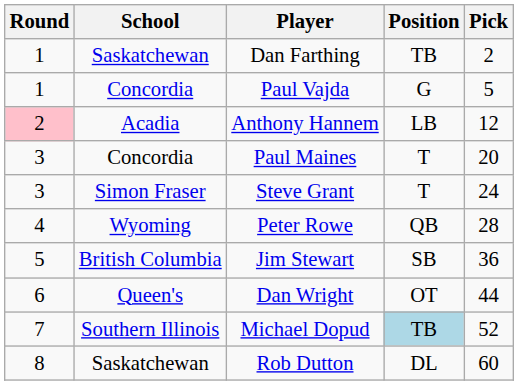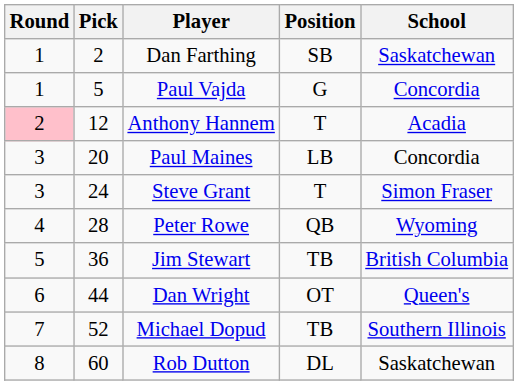 <table class="wikitable" style="font-size: 95%;">
 <tr>
 <th scope="col">Round</th>
-<th scope="col">School</th>
+<th scope="col">Pick</th>
 <th scope="col">Player</th>
 <th scope="col">Position</th>
-<th scope="col">Pick</th>
+<th scope="col">School</th>
 </tr>
 <tr align="center">
 <td>1</td>
+<td>2</td>
+<td>Dan Farthing</td>
+<td>SB</td>
 <td><a href='#'>Saskatchewan</a></td>
-<td>Dan Farthing</td>
-<td>TB</td>
-<td>2</td>
 </tr>
 <tr align="center">
 <td>1</td>
-<td><a href='#'>Concordia</a></td>
+<td>5</td>
 <td><a href='#'>Paul Vajda</a></td>
 <td>G</td>
-<td>5</td>
+<td><a href='#'>Concordia</a></td>
 </tr>
 <tr align="center">
 <td style="background: pink;">2</td>
+<td>12</td>
+<td><a href='#'>Anthony Hannem</a></td>
+<td>T</td>
 <td><a href='#'>Acadia</a></td>
-<td><a href='#'>Anthony Hannem</a></td>
-<td>LB</td>
-<td>12</td>
 </tr>
 <tr align="center">
 <td>3</td>
+<td>20</td>
+<td><a href='#'>Paul Maines</a></td>
+<td>LB</td>
 <td>Concordia</td>
-<td><a href='#'>Paul Maines</a></td>
-<td>T</td>
-<td>20</td>
 </tr>
 <tr align="center">
 <td>3</td>
-<td><a href='#'>Simon Fraser</a></td>
+<td>24</td>
 <td><a href='#'>Steve Grant</a></td>
 <td>T</td>
-<td>24</td>
+<td><a href='#'>Simon Fraser</a></td>
 </tr>
 <tr align="center">
 <td>4</td>
-<td><a href='#'>Wyoming</a></td>
+<td>28</td>
 <td><a href='#'>Peter Rowe</a></td>
 <td>QB</td>
-<td>28</td>
+<td><a href='#'>Wyoming</a></td>
 </tr>
 <tr align="center">
 <td>5</td>
+<td>36</td>
+<td><a href='#'>Jim Stewart</a></td>
+<td>TB</td>
 <td><a href='#'>British Columbia</a></td>
-<td><a href='#'>Jim Stewart</a></td>
-<td>SB</td>
-<td>36</td>
 </tr>
 <tr align="center">
 <td>6</td>
-<td><a href='#'>Queen's</a></td>
+<td>44</td>
 <td><a href='#'>Dan Wright</a></td>
 <td>OT</td>
-<td>44</td>
+<td><a href='#'>Queen's</a></td>
 </tr>
 <tr align="center">
 <td>7</td>
+<td>52</td>
+<td><a href='#'>Michael Dopud</a></td>
+<td>TB</td>
 <td><a href='#'>Southern Illinois</a></td>
-<td><a href='#'>Michael Dopud</a></td>
-<td style="background: lightblue;">TB</td>
-<td>52</td>
 </tr>
 <tr align="center">
 <td>8</td>
-<td>Saskatchewan</td>
+<td>60</td>
 <td><a href='#'>Rob Dutton</a></td>
 <td>DL</td>
-<td>60</td>
+<td>Saskatchewan</td>
 </tr>
 </table>
